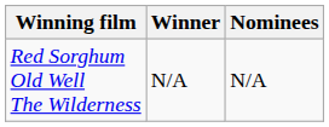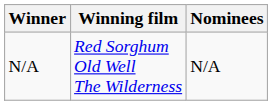 <table class="wikitable">
 <tr>
+<th>Winner</th>
 <th>Winning film</th>
-<th>Winner</th>
 <th>Nominees</th>
 </tr>
 <tr>
+<td>N/A</td>
 <td><em><a href='#'>Red Sorghum</a></em><br><em><a href='#'>Old Well</a></em><br><em><a href='#'>The Wilderness</a></em></td>
-<td>N/A</td>
 <td>N/A</td>
 </tr>
 </table>
